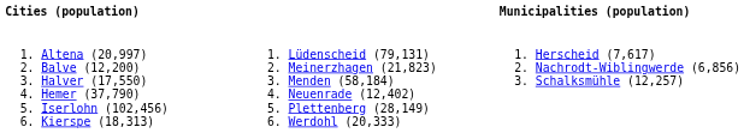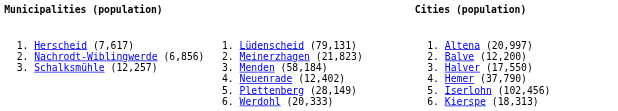 <table>
 <tr>
+<th align=left width=33%>Municipalities (population)</th>
+<th width=33%></th>
 <th align=left width=33%>Cities (population)</th>
-<th width=33%></th>
-<th align=left width=33%>Municipalities (population)</th>
 </tr>
 <tr valign=top>
+<td><br><ol><li><a href='#'>Herscheid</a> (7,617)</li><li><a href='#'>Nachrodt-Wiblingwerde</a> (6,856)</li><li><a href='#'>Schalksmühle</a> (12,257)</li></ol></td>
+<td><br><ol> <li> <a href='#'>Lüdenscheid</a> (79,131) <li> <a href='#'>Meinerzhagen</a> (21,823) <li> <a href='#'>Menden</a> (58,184) <li> <a href='#'>Neuenrade</a> (12,402) <li> <a href='#'>Plettenberg</a> (28,149) <li> <a href='#'>Werdohl</a> (20,333) </ol></td>
 <td><br><ol><li><a href='#'>Altena</a> (20,997)</li><li><a href='#'>Balve</a> (12,200)</li><li><a href='#'>Halver</a> (17,550)</li><li><a href='#'>Hemer</a> (37,790)</li><li><a href='#'>Iserlohn</a> (102,456)</li><li><a href='#'>Kierspe</a> (18,313)</li></ol></td>
-<td><br><ol> <li> <a href='#'>Lüdenscheid</a> (79,131) <li> <a href='#'>Meinerzhagen</a> (21,823) <li> <a href='#'>Menden</a> (58,184) <li> <a href='#'>Neuenrade</a> (12,402) <li> <a href='#'>Plettenberg</a> (28,149) <li> <a href='#'>Werdohl</a> (20,333) </ol></td>
-<td><br><ol><li><a href='#'>Herscheid</a> (7,617)</li><li><a href='#'>Nachrodt-Wiblingwerde</a> (6,856)</li><li><a href='#'>Schalksmühle</a> (12,257)</li></ol></td>
 </tr>
 </table>
